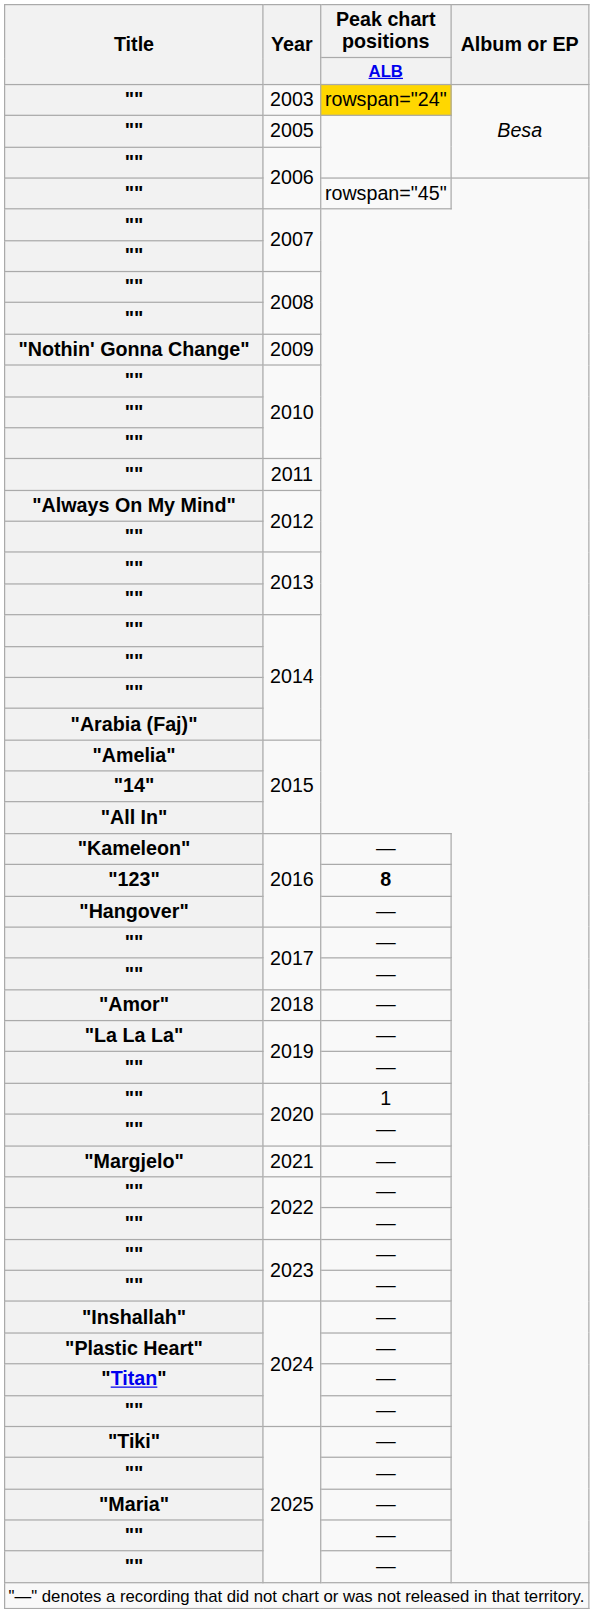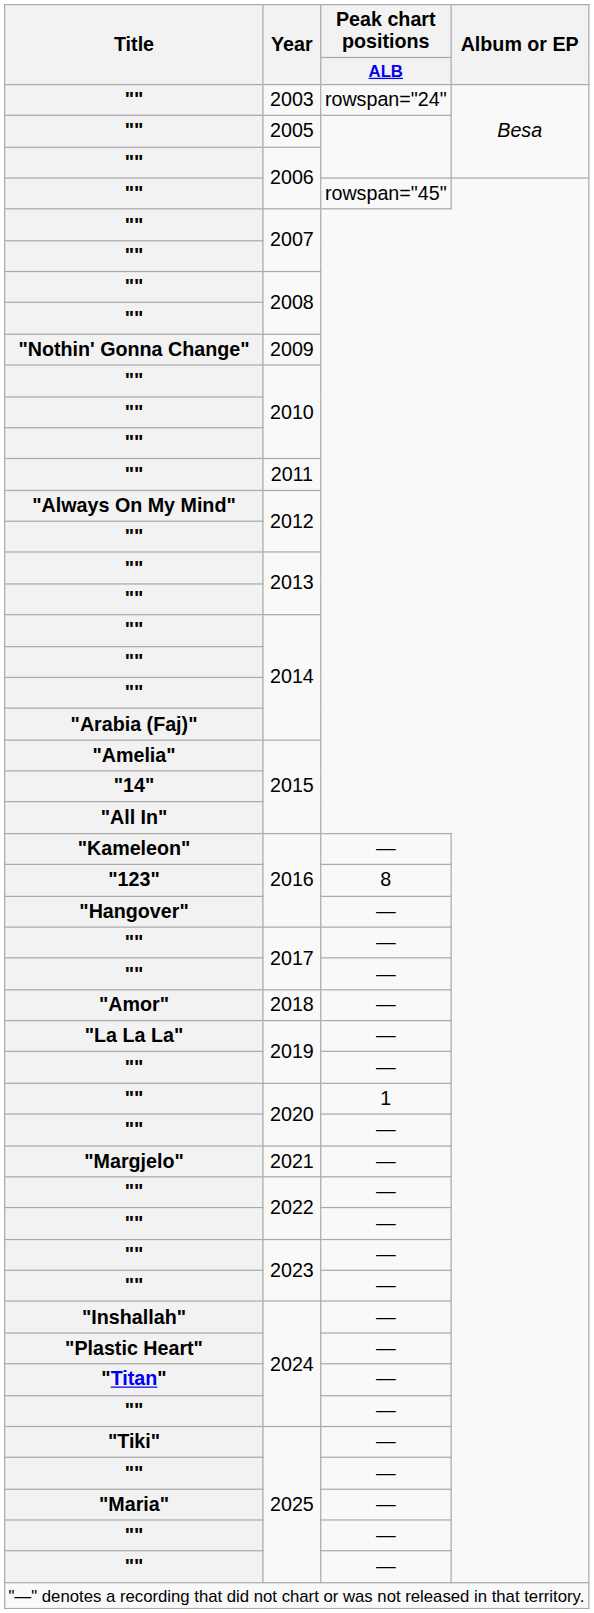 <table class="wikitable plainrowheaders" style="text-align:center;">
 <tr>
 <th scope="col" rowspan="2">Title</th>
 <th scope="col" rowspan="2">Year</th>
 <th scope="col" colspan="1">Peak chart positions</th>
 <th scope="col" rowspan="2">Album or EP</th>
 </tr>
 <tr>
 <th scope="col" style="width:3em;font-size:85%;"><a href='#'>ALB</a><br></th>
 </tr>
 <tr>
 <th scope="row">""<br></th>
 <td>2003</td>
-<td style="background: gold;">rowspan="24" </td>
+<td>rowspan="24" </td>
 <td rowspan="3"><em>Besa</em></td>
 </tr>
 <tr>
 <th scope="row">""</th>
 <td>2005</td>
 </tr>
 <tr>
 <th scope="row">""</th>
 <td rowspan="2">2006</td>
 </tr>
 <tr>
 <th scope="row">""</th>
 <td>rowspan="45" </td>
 </tr>
 <tr>
 <th scope="row">""</th>
 <td rowspan="2">2007</td>
 </tr>
 <tr>
 <th scope="row">""</th>
 </tr>
 <tr>
 <th scope="row">""</th>
 <td rowspan="2">2008</td>
 </tr>
 <tr>
 <th scope="row">""</th>
 </tr>
 <tr>
 <th scope="row">"Nothin' Gonna Change"</th>
 <td>2009</td>
 </tr>
 <tr>
 <th scope="row">""</th>
 <td rowspan="3">2010</td>
 </tr>
 <tr>
 <th scope="row">""<br></th>
 </tr>
 <tr>
 <th scope="row">""</th>
 </tr>
 <tr>
 <th scope="row">""</th>
 <td>2011</td>
 </tr>
 <tr>
 <th scope="row">"Always On My Mind"</th>
 <td rowspan="2">2012</td>
 </tr>
 <tr>
 <th scope="row">""</th>
 </tr>
 <tr>
 <th scope="row">""</th>
 <td rowspan="2">2013</td>
 </tr>
 <tr>
 <th scope="row">""</th>
 </tr>
 <tr>
 <th scope="row">""<br></th>
 <td rowspan="4">2014</td>
 </tr>
 <tr>
 <th scope="row">""</th>
 </tr>
 <tr>
 <th scope="row">""<br></th>
 </tr>
 <tr>
 <th scope="row">"Arabia (Faj)"<br></th>
 </tr>
 <tr>
 <th scope="row">"Amelia"<br></th>
 <td rowspan="3">2015</td>
 </tr>
 <tr>
 <th scope="row">"14"</th>
 </tr>
 <tr>
 <th scope="row">"All In"</th>
 </tr>
 <tr>
 <th scope="row">"Kameleon"<br></th>
 <td rowspan="3">2016</td>
 <td>—</td>
 </tr>
 <tr>
 <th scope="row">"123"<br></th>
-<td><strong>8</strong></td>
+<td>8</td>
 </tr>
 <tr>
 <th scope="row">"Hangover"</th>
 <td>—</td>
 </tr>
 <tr>
 <th scope="row">""</th>
 <td rowspan="2">2017</td>
 <td>—</td>
 </tr>
 <tr>
 <th scope="row">""<br></th>
 <td>—</td>
 </tr>
 <tr>
 <th scope="row">"Amor"</th>
 <td>2018</td>
 <td>—</td>
 </tr>
 <tr>
 <th scope="row">"La La La"</th>
 <td rowspan="2">2019</td>
 <td>—</td>
 </tr>
 <tr>
 <th scope="row">""</th>
 <td>—</td>
 </tr>
 <tr>
 <th scope="row">""<br></th>
 <td rowspan="2">2020</td>
 <td>1</td>
 </tr>
 <tr>
 <th scope="row">""<br></th>
 <td>—</td>
 </tr>
 <tr>
 <th scope="row">"Margjelo"<br></th>
 <td>2021</td>
 <td>—</td>
 </tr>
 <tr>
 <th scope="row">""</th>
 <td rowspan="2">2022</td>
 <td>—</td>
 </tr>
 <tr>
 <th scope="row">""<br></th>
 <td>—</td>
 </tr>
 <tr>
 <th scope="row">""</th>
 <td rowspan="2">2023</td>
 <td>—</td>
 </tr>
 <tr>
 <th scope="row">""<br></th>
 <td>—</td>
 </tr>
 <tr>
 <th scope="row">"Inshallah"<br></th>
 <td rowspan="4">2024</td>
 <td>—</td>
 </tr>
 <tr>
 <th scope="row">"Plastic Heart"<br></th>
 <td>—</td>
 </tr>
 <tr>
 <th scope="row">"<a href='#'>Titan</a>"</th>
 <td>—</td>
 </tr>
 <tr>
 <th scope="row">""<br></th>
 <td>—</td>
 </tr>
 <tr>
 <th scope="row">"Tiki"</th>
 <td rowspan="5">2025</td>
 <td>—</td>
 </tr>
 <tr>
 <th scope="row">""<br></th>
 <td>—</td>
 </tr>
 <tr>
 <th scope="row">"Maria"<br></th>
 <td>—</td>
 </tr>
 <tr>
 <th scope="row">""<br></th>
 <td>—</td>
 </tr>
 <tr>
 <th scope="row">""<br></th>
 <td>—</td>
 </tr>
 <tr>
 <td colspan="4" style="font-size:85%">"—" denotes a recording that did not chart or was not released in that territory.</td>
 </tr>
 </table>
